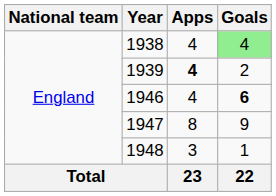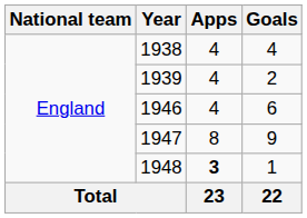 <table class="wikitable" style="text-align:center">
 <tr>
 <th>National team</th>
 <th>Year</th>
 <th>Apps</th>
 <th>Goals</th>
 </tr>
 <tr>
 <td rowspan="5"><a href='#'>England</a></td>
 <td>1938</td>
 <td>4</td>
-<td style="background: lightgreen;">4</td>
+<td>4</td>
 </tr>
 <tr>
 <td>1939</td>
-<td><strong>4</strong></td>
+<td>4</td>
 <td>2</td>
 </tr>
 <tr>
 <td>1946</td>
 <td>4</td>
-<td><strong>6</strong></td>
+<td>6</td>
 </tr>
 <tr>
 <td>1947</td>
 <td>8</td>
 <td>9</td>
 </tr>
 <tr>
 <td>1948</td>
-<td>3</td>
+<td><strong>3</strong></td>
 <td>1</td>
 </tr>
 <tr>
 <th colspan="2">Total</th>
 <th>23</th>
 <th>22</th>
 </tr>
 </table>
